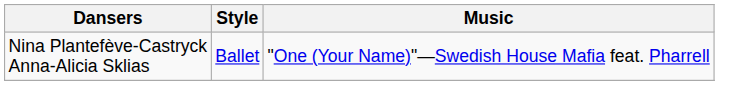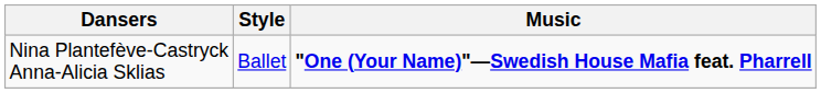 <table class="wikitable">
 <tr>
 <th>Dansers</th>
 <th>Style</th>
 <th>Music</th>
 </tr>
 <tr>
 <td>Nina Plantefève-Castryck<br>Anna-Alicia Sklias</td>
 <td><a href='#'>Ballet</a></td>
-<td>"<a href='#'>One (Your Name)</a>"—<a href='#'>Swedish House Mafia</a> feat. <a href='#'>Pharrell</a></td>
+<td><strong>"<a href='#'>One (Your Name)</a>"—<a href='#'>Swedish House Mafia</a> feat. <a href='#'>Pharrell</a></strong></td>
 </tr>
 <tr>
 </tr>
 </table>
